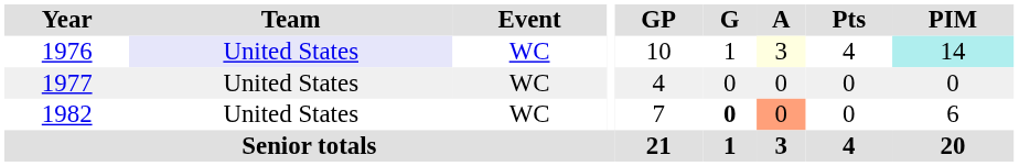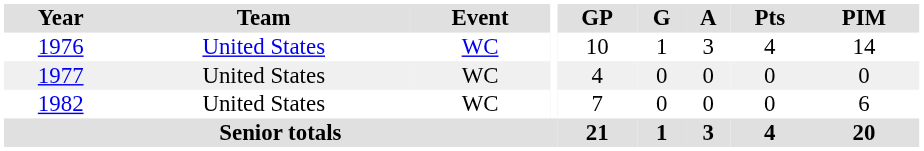 <table border="0" cellpadding="1" cellspacing="0" ID="Table3" style="text-align:center; width:40em">
 <tr bgcolor="#e0e0e0">
 <th>Year</th>
 <th>Team</th>
 <th>Event</th>
 <th rowspan="102" bgcolor="#ffffff"></th>
 <th>GP</th>
 <th>G</th>
 <th>A</th>
 <th>Pts</th>
 <th>PIM</th>
 </tr>
 <tr>
 <td><a href='#'>1976</a></td>
-<td style="background: lavender;"><a href='#'>United States</a></td>
+<td><a href='#'>United States</a></td>
 <td><a href='#'>WC</a></td>
 <td>10</td>
 <td>1</td>
-<td style="background: lightyellow;">3</td>
+<td>3</td>
 <td>4</td>
-<td style="background: paleturquoise;">14</td>
+<td>14</td>
 </tr>
 <tr bgcolor="#f0f0f0">
 <td><a href='#'>1977</a></td>
 <td>United States</td>
 <td>WC</td>
 <td>4</td>
 <td>0</td>
 <td>0</td>
 <td>0</td>
 <td>0</td>
 </tr>
 <tr>
 <td><a href='#'>1982</a></td>
 <td>United States</td>
 <td>WC</td>
 <td>7</td>
-<td><strong>0</strong></td>
-<td style="background: lightsalmon;">0</td>
+<td>0</td>
+<td>0</td>
 <td>0</td>
 <td>6</td>
 </tr>
 <tr bgcolor="#e0e0e0">
 <th colspan="4">Senior totals</th>
 <th>21</th>
 <th>1</th>
 <th>3</th>
 <th>4</th>
 <th>20</th>
 </tr>
 </table>
